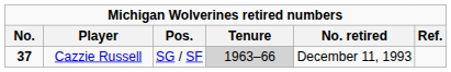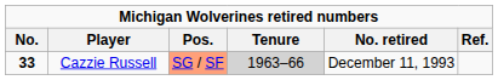 <table class="wikitable sortable" style="text-align:center">
 <tr>
 <td colspan="6"><strong>Michigan Wolverines retired numbers</strong></td>
 </tr>
 <tr>
 <th width=40px>No.</th>
 <th width=125px>Player</th>
 <th>Pos.</th>
 <th width=100px>Tenure</th>
 <th>No. retired</th>
 <th>Ref.</th>
 </tr>
 <tr>
-<td><strong>37</strong></td>
+<td><strong>33</strong></td>
 <td><a href='#'>Cazzie Russell</a></td>
-<td><a href='#'>SG</a> / <a href='#'>SF</a></td>
+<td style="background: lightsalmon;"><a href='#'>SG</a> / <a href='#'>SF</a></td>
 <td style="background: lightgrey;">1963–66</td>
 <td>December 11, 1993</td>
 <td></td>
 </tr>
 </table>
